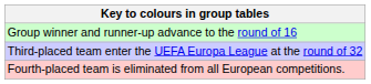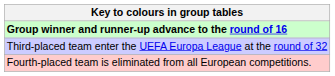 <table class="wikitable">
 <tr>
 <th>Key to colours in group tables</th>
 </tr>
 <tr bgcolor="#ccffcc">
-<td>Group winner and runner-up advance to the <a href='#'>round of 16</a></td>
+<td><strong>Group winner and runner-up advance to the <a href='#'>round of 16</a></strong></td>
 </tr>
 <tr bgcolor="#ccccff">
 <td>Third-placed team enter the <a href='#'>UEFA Europa League</a> at the <a href='#'>round of 32</a></td>
 </tr>
 <tr bgcolor="#ffcccc">
 <td>Fourth-placed team is eliminated from all European competitions.</td>
 </tr>
 </table>
